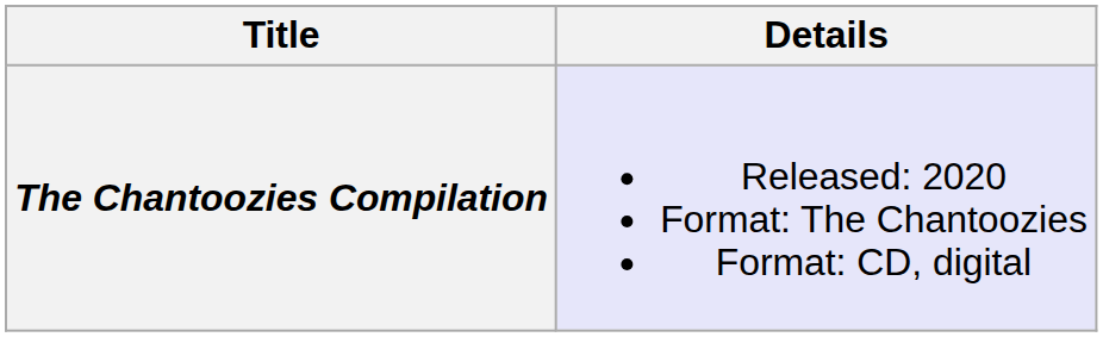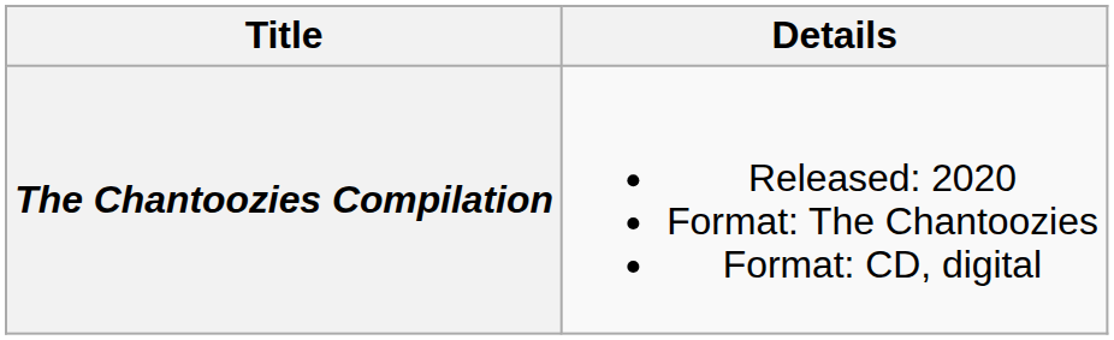 <table class="wikitable plainrowheaders" style="text-align:center;" border="1">
 <tr>
 <th>Title</th>
 <th>Details</th>
 </tr>
 <tr>
 <th scope="row"><em>The Chantoozies Compilation</em></th>
-<td style="background: lavender;"><br><ul><li>Released: 2020</li><li>Format: The Chantoozies</li><li>Format: CD, digital</li></ul></td>
+<td><br><ul><li>Released: 2020</li><li>Format: The Chantoozies</li><li>Format: CD, digital</li></ul></td>
 </tr>
 </table>
